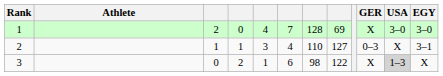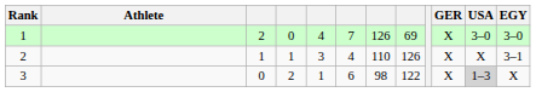 <table class="wikitable" style="text-align:center">
 <tr>
 <th>Rank</th>
 <th width=250>Athlete</th>
 <th width=30></th>
 <th width=30></th>
 <th width=30></th>
 <th width=30></th>
 <th width=30></th>
 <th width=30></th>
 <th rowspan=4></th>
 <th width=30>GER</th>
 <th width=30>USA</th>
 <th width=30>EGY</th>
 </tr>
 <tr bgcolor=#ccffcc>
 <td>1</td>
 <td align=left></td>
 <td>2</td>
 <td>0</td>
 <td>4</td>
 <td>7</td>
-<td>128</td>
+<td>126</td>
 <td>69</td>
 <td>X</td>
 <td>3–0</td>
 <td>3–0</td>
 </tr>
 <tr>
 <td>2</td>
 <td align=left></td>
 <td>1</td>
 <td>1</td>
 <td>3</td>
 <td>4</td>
 <td>110</td>
-<td>127</td>
-<td>0–3</td>
+<td>126</td>
+<td>X</td>
 <td>X</td>
 <td>3–1</td>
 </tr>
 <tr>
 <td>3</td>
 <td align=left></td>
 <td>0</td>
 <td>2</td>
 <td>1</td>
 <td>6</td>
 <td>98</td>
 <td>122</td>
 <td>X</td>
 <td style="background: lightgrey;">1–3</td>
 <td>X</td>
 </tr>
 </table>
